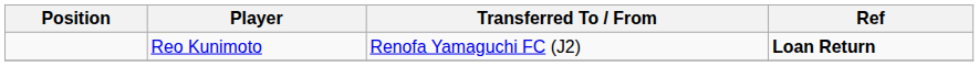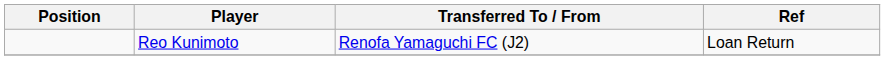 <table class="wikitable sortable" style="width:70%; text-align:center; font-size:100%; text-align:left;">
 <tr>
 <th>Position</th>
 <th>Player</th>
 <th>Transferred To / From</th>
 <th>Ref</th>
 </tr>
 <tr>
 <td></td>
 <td> <a href='#'>Reo Kunimoto</a></td>
 <td> <a href='#'>Renofa Yamaguchi FC</a> (J2)</td>
-<td><strong>Loan Return </strong></td>
+<td>Loan Return </td>
 </tr>
 <tr>
 </tr>
 </table>
